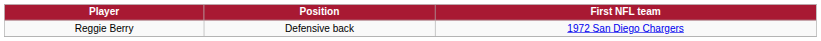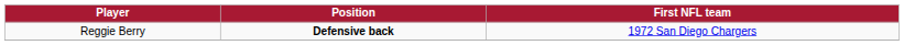 <table class="wikitable" width="65%">
 <tr align="center" style="background:#A81933;color:#FFFFFF;">
 <td><strong>Player</strong></td>
 <td><strong>Position</strong></td>
 <td><strong>First NFL team</strong></td>
 </tr>
 <tr align="center" bgcolor="">
 <td>Reggie Berry</td>
-<td>Defensive back</td>
+<td><strong>Defensive back</strong></td>
 <td><a href='#'>1972 San Diego Chargers</a></td>
 </tr>
 <tr align="center" bgcolor="">
 </tr>
 </table>
